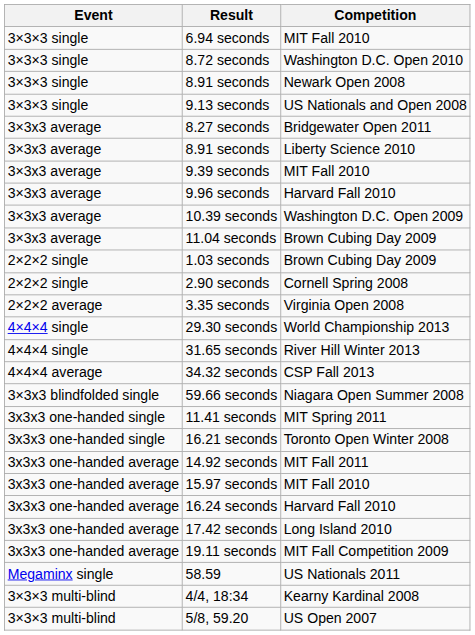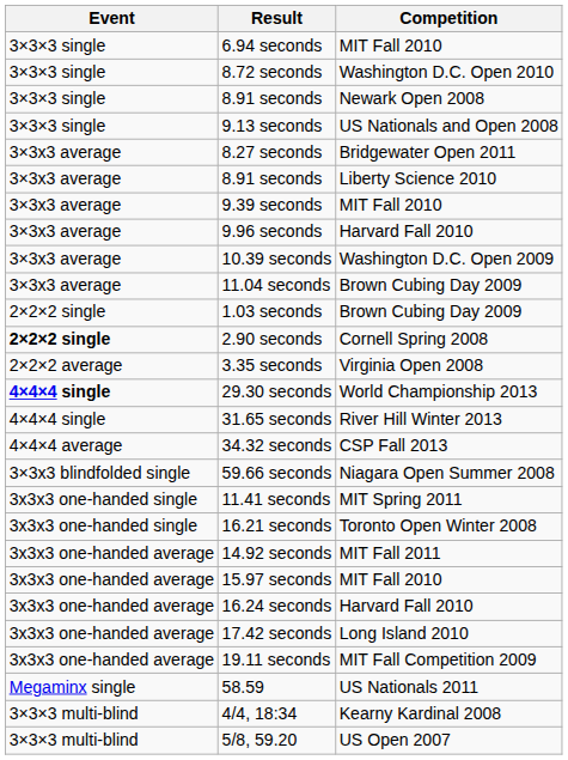 <table class="wikitable">
 <tr>
 <th>Event</th>
 <th>Result</th>
 <th>Competition</th>
 </tr>
 <tr>
 <td>3×3×3 single</td>
 <td>6.94 seconds</td>
 <td>MIT Fall 2010</td>
 </tr>
 <tr>
 <td>3×3×3 single</td>
 <td>8.72 seconds</td>
 <td>Washington D.C. Open 2010</td>
 </tr>
 <tr>
 <td>3×3×3 single</td>
 <td>8.91 seconds</td>
 <td>Newark Open 2008</td>
 </tr>
 <tr>
 <td>3×3×3 single</td>
 <td>9.13 seconds</td>
 <td>US Nationals and Open 2008</td>
 </tr>
 <tr>
 <td>3×3x3 average</td>
 <td>8.27 seconds</td>
 <td>Bridgewater Open 2011</td>
 </tr>
 <tr>
 <td>3×3x3 average</td>
 <td>8.91 seconds</td>
 <td>Liberty Science 2010</td>
 </tr>
 <tr>
 <td>3×3x3 average</td>
 <td>9.39 seconds</td>
 <td>MIT Fall 2010</td>
 </tr>
 <tr>
 <td>3×3x3 average</td>
 <td>9.96 seconds</td>
 <td>Harvard Fall 2010</td>
 </tr>
 <tr>
 <td>3×3x3 average</td>
 <td>10.39 seconds</td>
 <td>Washington D.C. Open 2009</td>
 </tr>
 <tr>
 <td>3×3x3 average</td>
 <td>11.04 seconds</td>
 <td>Brown Cubing Day 2009</td>
 </tr>
 <tr>
 <td>2×2×2 single</td>
 <td>1.03 seconds</td>
 <td>Brown Cubing Day 2009</td>
 </tr>
 <tr>
-<td>2×2×2 single</td>
+<td><strong>2×2×2 single</strong></td>
 <td>2.90 seconds</td>
 <td>Cornell Spring 2008</td>
 </tr>
 <tr>
 <td>2×2×2 average</td>
 <td>3.35 seconds</td>
 <td>Virginia Open 2008</td>
 </tr>
 <tr>
-<td><a href='#'>4×4×4</a> single</td>
+<td><strong><a href='#'>4×4×4</a> single</strong></td>
 <td>29.30 seconds</td>
 <td>World Championship 2013</td>
 </tr>
 <tr>
 <td>4×4×4 single</td>
 <td>31.65 seconds</td>
 <td>River Hill Winter 2013</td>
 </tr>
 <tr>
 <td>4×4×4 average</td>
 <td>34.32 seconds</td>
 <td>CSP Fall 2013</td>
 </tr>
 <tr>
 <td>3×3x3 blindfolded single</td>
 <td>59.66 seconds</td>
 <td>Niagara Open Summer 2008</td>
 </tr>
 <tr>
 <td>3x3x3 one-handed single</td>
 <td>11.41 seconds</td>
 <td>MIT Spring 2011</td>
 </tr>
 <tr>
 <td>3x3x3 one-handed single</td>
 <td>16.21 seconds</td>
 <td>Toronto Open Winter 2008</td>
 </tr>
 <tr>
 <td>3x3x3 one-handed average</td>
 <td>14.92 seconds</td>
 <td>MIT Fall 2011</td>
 </tr>
 <tr>
 <td>3x3x3 one-handed average</td>
 <td>15.97 seconds</td>
 <td>MIT Fall 2010</td>
 </tr>
 <tr>
 <td>3x3x3 one-handed average</td>
 <td>16.24 seconds</td>
 <td>Harvard Fall 2010</td>
 </tr>
 <tr>
 <td>3x3x3 one-handed average</td>
 <td>17.42 seconds</td>
 <td>Long Island 2010</td>
 </tr>
 <tr>
 <td>3x3x3 one-handed average</td>
 <td>19.11 seconds</td>
 <td>MIT Fall Competition 2009</td>
 </tr>
 <tr>
 <td><a href='#'>Megaminx</a> single</td>
 <td>58.59</td>
 <td>US Nationals 2011</td>
 </tr>
 <tr>
 <td>3×3×3 multi-blind</td>
 <td>4/4, 18:34</td>
 <td>Kearny Kardinal 2008</td>
 </tr>
 <tr>
 <td>3×3×3 multi-blind</td>
 <td>5/8, 59.20</td>
 <td>US Open 2007</td>
 </tr>
 </table>
